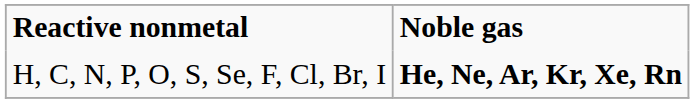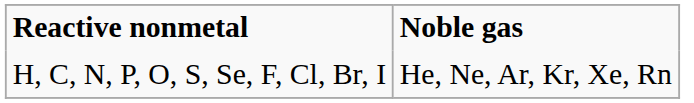 <table class="wikitable floatright" style="margin-left: 0.5em;">
 <tr>
 <td style="border-bottom: none"><strong>Reactive nonmetal</strong></td>
 <td style="border-bottom: none; vertical-align: text-bottom"><strong>Noble gas</strong></td>
 </tr>
 <tr>
 <td style="border-top:none">H, C, N, P, O, S, Se, F, Cl, Br, I</td>
-<td style="border-top:none"><strong>He, Ne, Ar, Kr, Xe, Rn</strong></td>
+<td style="border-top:none">He, Ne, Ar, Kr, Xe, Rn</td>
 </tr>
 </table>
